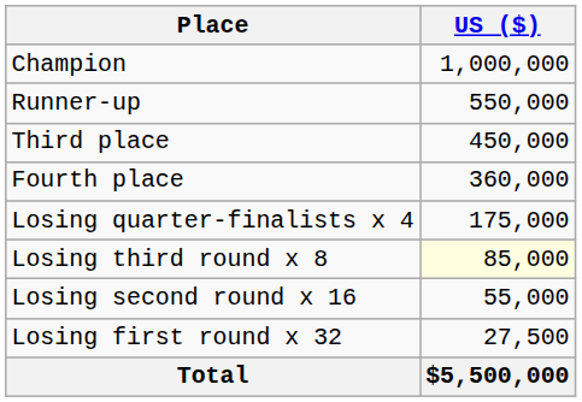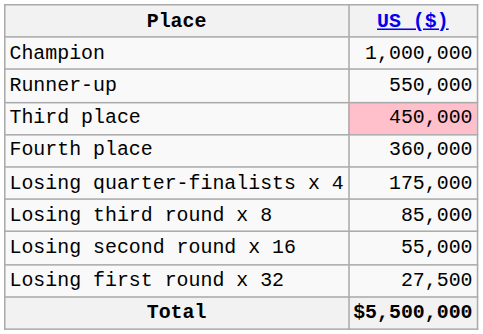 <table class="wikitable">
 <tr>
 <th>Place</th>
 <th><a href='#'>US ($)</a></th>
 </tr>
 <tr>
 <td>Champion</td>
 <td align=right>1,000,000</td>
 </tr>
 <tr>
 <td>Runner-up</td>
 <td align=right>550,000</td>
 </tr>
 <tr>
 <td>Third place</td>
-<td align=right>450,000</td>
+<td align=right style="background: pink;">450,000</td>
 </tr>
 <tr>
 <td>Fourth place</td>
 <td align=right>360,000</td>
 </tr>
 <tr>
 <td>Losing quarter-finalists x 4</td>
 <td align=right>175,000</td>
 </tr>
 <tr>
 <td>Losing third round x 8</td>
-<td align=right style="background: lightyellow;">85,000</td>
+<td align=right>85,000</td>
 </tr>
 <tr>
 <td>Losing second round x 16</td>
 <td align=right>55,000</td>
 </tr>
 <tr>
 <td>Losing first round x 32</td>
 <td align=right>27,500</td>
 </tr>
 <tr>
 <th>Total</th>
 <th>$5,500,000</th>
 </tr>
 </table>
